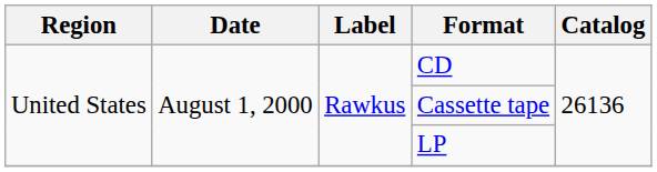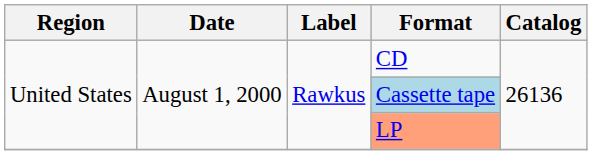 <table class="wikitable">
 <tr>
 <th>Region</th>
 <th>Date</th>
 <th>Label</th>
 <th>Format</th>
 <th>Catalog</th>
 </tr>
 <tr>
 <td rowspan="3">United States</td>
 <td rowspan="3">August 1, 2000</td>
 <td rowspan="3"><a href='#'>Rawkus</a></td>
 <td><a href='#'>CD</a></td>
 <td rowspan="3">26136</td>
 </tr>
 <tr>
-<td><a href='#'>Cassette tape</a></td>
+<td style="background: lightblue;"><a href='#'>Cassette tape</a></td>
 </tr>
 <tr>
-<td><a href='#'>LP</a></td>
+<td style="background: lightsalmon;"><a href='#'>LP</a></td>
 </tr>
 <tr>
 </tr>
 </table>
